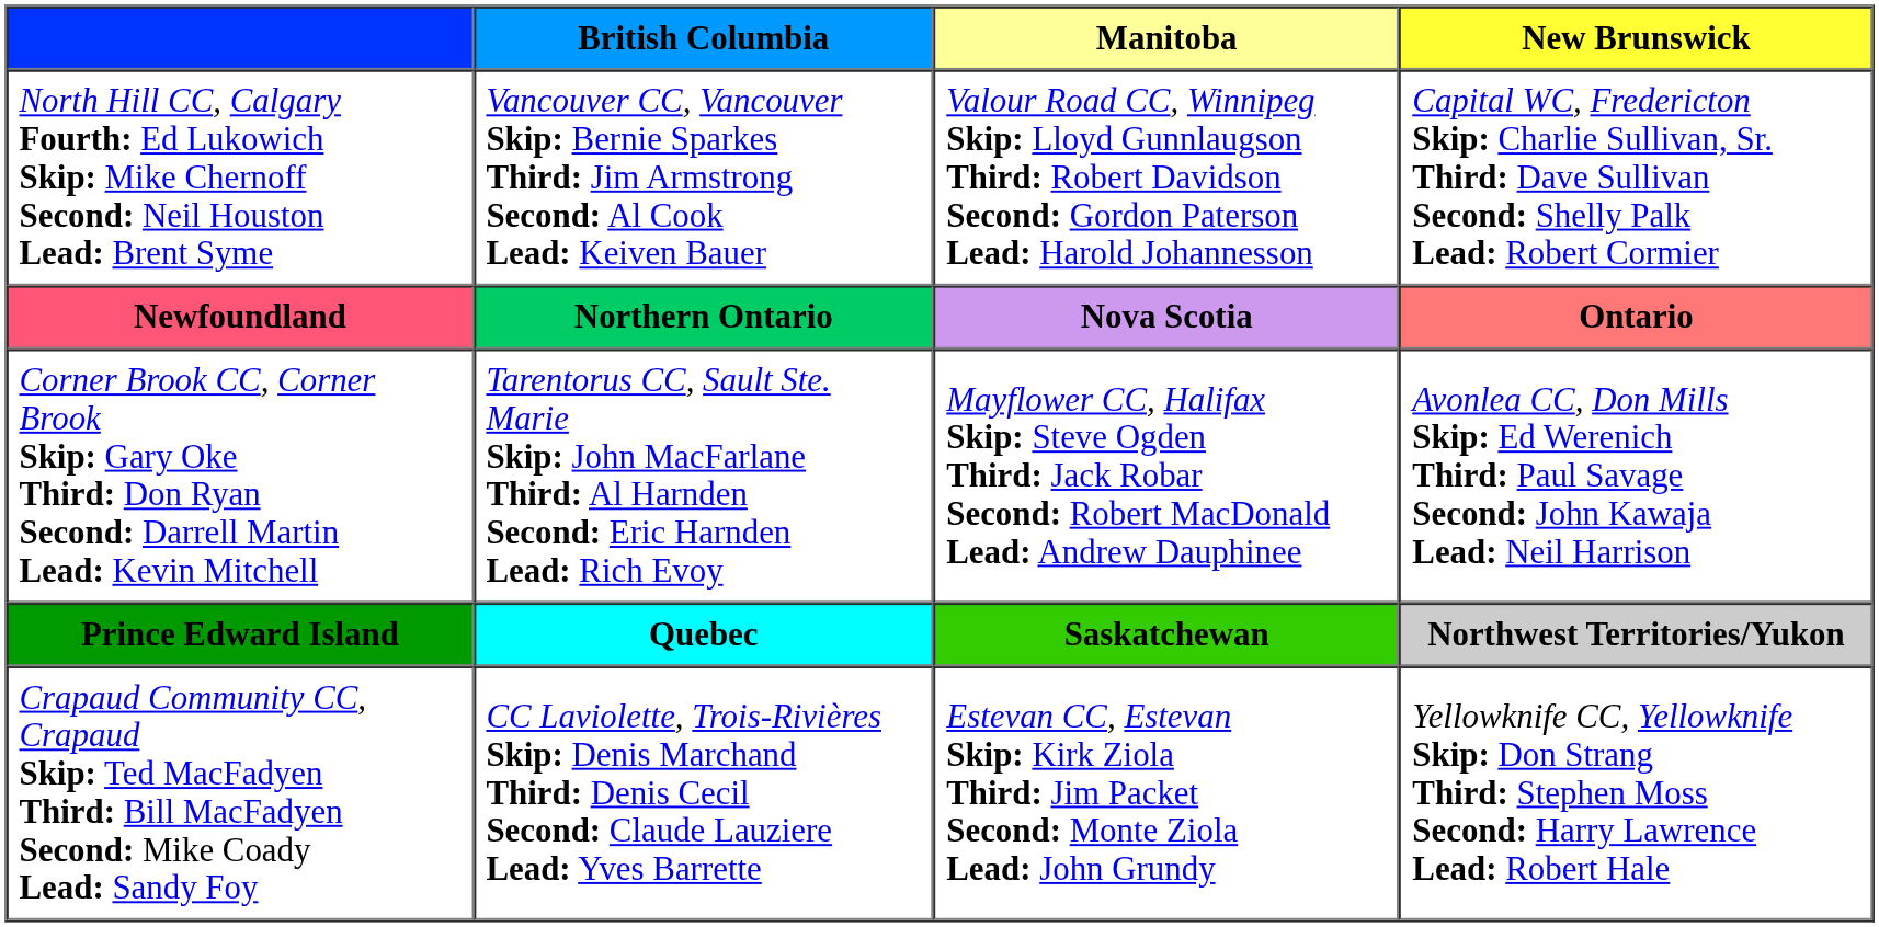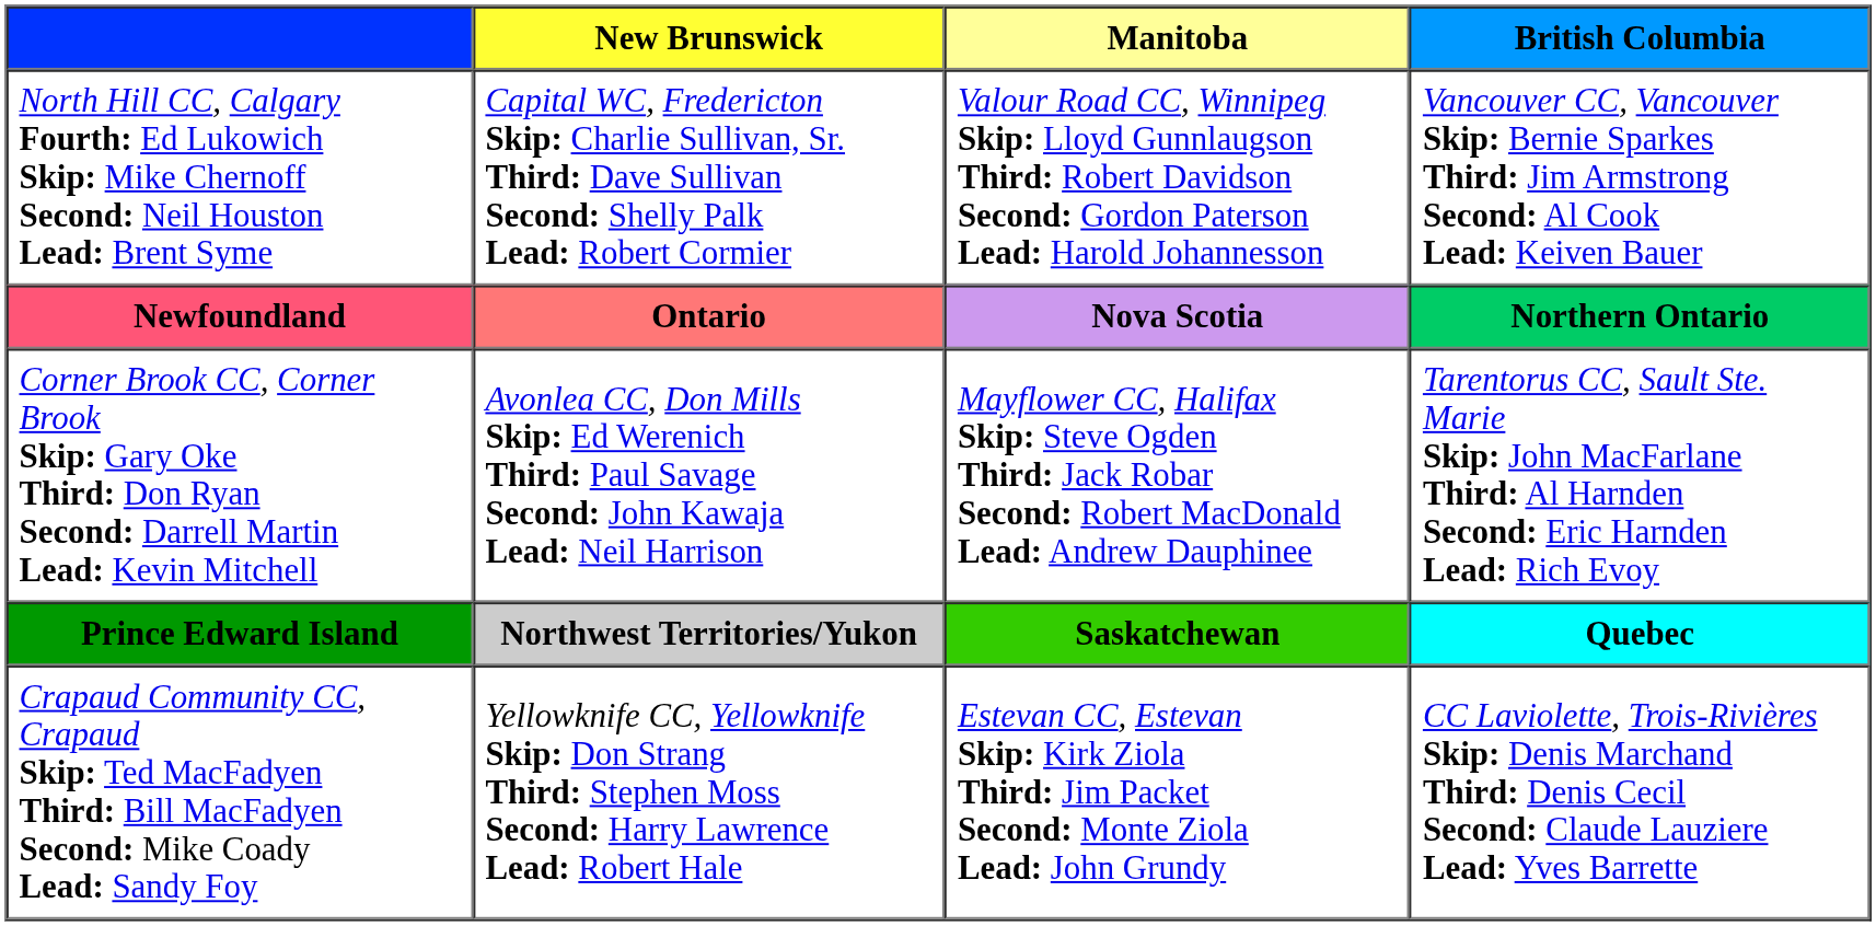 <table border=1 cellpadding=5 cellspacing=0>
 <tr>
 <th style="background:#03f; width:225px;"></th>
+<th style="background:#ff3; width:225px;">New Brunswick</th>
+<th style="background:#ff9; width:225px;">Manitoba</th>
 <th style="background:#09f; width:225px;">British Columbia</th>
-<th style="background:#ff9; width:225px;">Manitoba</th>
-<th style="background:#ff3; width:225px;">New Brunswick</th>
 </tr>
 <tr>
 <td><em><a href='#'>North Hill CC</a>, <a href='#'>Calgary</a></em><br><strong>Fourth:</strong> <a href='#'>Ed Lukowich</a><br> <strong>Skip:</strong> <a href='#'>Mike Chernoff</a><br> <strong>Second:</strong> <a href='#'>Neil Houston</a><br> <strong>Lead:</strong> <a href='#'>Brent Syme</a></td>
+<td><em><a href='#'>Capital WC</a>, <a href='#'>Fredericton</a></em><br><strong>Skip:</strong> <a href='#'>Charlie Sullivan, Sr.</a><br> <strong>Third:</strong> <a href='#'>Dave Sullivan</a><br> <strong>Second:</strong> <a href='#'>Shelly Palk</a><br> <strong>Lead:</strong> <a href='#'>Robert Cormier</a></td>
+<td><em><a href='#'>Valour Road CC</a>, <a href='#'>Winnipeg</a></em><br><strong>Skip:</strong> <a href='#'>Lloyd Gunnlaugson</a><br> <strong>Third:</strong> <a href='#'>Robert Davidson</a><br> <strong>Second:</strong> <a href='#'>Gordon Paterson</a><br> <strong>Lead:</strong> <a href='#'>Harold Johannesson</a></td>
 <td><em><a href='#'>Vancouver CC</a>, <a href='#'>Vancouver</a></em><br><strong>Skip:</strong> <a href='#'>Bernie Sparkes</a><br> <strong>Third:</strong> <a href='#'>Jim Armstrong</a><br> <strong>Second:</strong> <a href='#'>Al Cook</a><br> <strong>Lead:</strong> <a href='#'>Keiven Bauer</a><br></td>
-<td><em><a href='#'>Valour Road CC</a>, <a href='#'>Winnipeg</a></em><br><strong>Skip:</strong> <a href='#'>Lloyd Gunnlaugson</a><br> <strong>Third:</strong> <a href='#'>Robert Davidson</a><br> <strong>Second:</strong> <a href='#'>Gordon Paterson</a><br> <strong>Lead:</strong> <a href='#'>Harold Johannesson</a></td>
-<td><em><a href='#'>Capital WC</a>, <a href='#'>Fredericton</a></em><br><strong>Skip:</strong> <a href='#'>Charlie Sullivan, Sr.</a><br> <strong>Third:</strong> <a href='#'>Dave Sullivan</a><br> <strong>Second:</strong> <a href='#'>Shelly Palk</a><br> <strong>Lead:</strong> <a href='#'>Robert Cormier</a></td>
 </tr>
 <tr>
 <th style="background:#f57; width:200px;">Newfoundland</th>
+<th style="background:#f77; width:200px;">Ontario</th>
+<th style="background:#c9e; width:200px;">Nova Scotia</th>
 <th style="background:#0c6; width:200px;">Northern Ontario</th>
-<th style="background:#c9e; width:200px;">Nova Scotia</th>
-<th style="background:#f77; width:200px;">Ontario</th>
 </tr>
 <tr>
 <td><em><a href='#'>Corner Brook CC</a>, <a href='#'>Corner Brook</a></em><br><strong>Skip:</strong> <a href='#'>Gary Oke</a><br> <strong>Third:</strong> <a href='#'>Don Ryan</a><br> <strong>Second:</strong> <a href='#'>Darrell Martin</a><br> <strong>Lead:</strong> <a href='#'>Kevin Mitchell</a></td>
+<td><em><a href='#'>Avonlea CC</a>, <a href='#'>Don Mills</a></em><br><strong>Skip:</strong> <a href='#'>Ed Werenich</a><br> <strong>Third:</strong> <a href='#'>Paul Savage</a><br> <strong>Second:</strong> <a href='#'>John Kawaja</a><br> <strong>Lead:</strong> <a href='#'>Neil Harrison</a></td>
+<td><em><a href='#'>Mayflower CC</a>, <a href='#'>Halifax</a></em><br><strong>Skip:</strong> <a href='#'>Steve Ogden</a><br> <strong>Third:</strong> <a href='#'>Jack Robar</a><br> <strong>Second:</strong> <a href='#'>Robert MacDonald</a><br> <strong>Lead:</strong> <a href='#'>Andrew Dauphinee</a></td>
 <td><em><a href='#'>Tarentorus CC</a>, <a href='#'>Sault Ste. Marie</a></em><br><strong>Skip:</strong> <a href='#'>John MacFarlane</a><br> <strong>Third:</strong> <a href='#'>Al Harnden</a><br> <strong>Second:</strong> <a href='#'>Eric Harnden</a><br> <strong>Lead:</strong> <a href='#'>Rich Evoy</a></td>
-<td><em><a href='#'>Mayflower CC</a>, <a href='#'>Halifax</a></em><br><strong>Skip:</strong> <a href='#'>Steve Ogden</a><br> <strong>Third:</strong> <a href='#'>Jack Robar</a><br> <strong>Second:</strong> <a href='#'>Robert MacDonald</a><br> <strong>Lead:</strong> <a href='#'>Andrew Dauphinee</a></td>
-<td><em><a href='#'>Avonlea CC</a>, <a href='#'>Don Mills</a></em><br><strong>Skip:</strong> <a href='#'>Ed Werenich</a><br> <strong>Third:</strong> <a href='#'>Paul Savage</a><br> <strong>Second:</strong> <a href='#'>John Kawaja</a><br> <strong>Lead:</strong> <a href='#'>Neil Harrison</a></td>
 </tr>
 <tr>
 <th style="background:#090; width:200px;">Prince Edward Island</th>
+<th style="background:#ccc; width:200px;">Northwest Territories/Yukon</th>
+<th style="background:#3c0; width:200px;">Saskatchewan</th>
 <th style="background:#0ff; width:200px;">Quebec</th>
-<th style="background:#3c0; width:200px;">Saskatchewan</th>
-<th style="background:#ccc; width:200px;">Northwest Territories/Yukon</th>
 </tr>
 <tr>
 <td><em><a href='#'>Crapaud Community CC</a>, <a href='#'>Crapaud</a></em><br><strong>Skip:</strong> <a href='#'>Ted MacFadyen</a><br> <strong>Third:</strong> <a href='#'>Bill MacFadyen</a><br> <strong>Second:</strong> Mike Coady<br> <strong>Lead:</strong> <a href='#'>Sandy Foy</a></td>
+<td><em>Yellowknife CC, <a href='#'>Yellowknife</a></em><br><strong>Skip:</strong> <a href='#'>Don Strang</a><br> <strong>Third:</strong> <a href='#'>Stephen Moss</a><br> <strong>Second:</strong> <a href='#'>Harry Lawrence</a><br> <strong>Lead:</strong> <a href='#'>Robert Hale</a></td>
+<td><em><a href='#'>Estevan CC</a>, <a href='#'>Estevan</a></em><br><strong>Skip:</strong> <a href='#'>Kirk Ziola</a><br> <strong>Third:</strong> <a href='#'>Jim Packet</a><br> <strong>Second:</strong> <a href='#'>Monte Ziola</a><br> <strong>Lead:</strong> <a href='#'>John Grundy</a></td>
 <td><em><a href='#'>CC Laviolette</a>, <a href='#'>Trois-Rivières</a></em><br><strong>Skip:</strong> <a href='#'>Denis Marchand</a><br> <strong>Third:</strong> <a href='#'>Denis Cecil</a><br> <strong>Second:</strong> <a href='#'>Claude Lauziere</a><br> <strong>Lead:</strong> <a href='#'>Yves Barrette</a></td>
-<td><em><a href='#'>Estevan CC</a>, <a href='#'>Estevan</a></em><br><strong>Skip:</strong> <a href='#'>Kirk Ziola</a><br> <strong>Third:</strong> <a href='#'>Jim Packet</a><br> <strong>Second:</strong> <a href='#'>Monte Ziola</a><br> <strong>Lead:</strong> <a href='#'>John Grundy</a></td>
-<td><em>Yellowknife CC, <a href='#'>Yellowknife</a></em><br><strong>Skip:</strong> <a href='#'>Don Strang</a><br> <strong>Third:</strong> <a href='#'>Stephen Moss</a><br> <strong>Second:</strong> <a href='#'>Harry Lawrence</a><br> <strong>Lead:</strong> <a href='#'>Robert Hale</a></td>
 </tr>
 </table>
